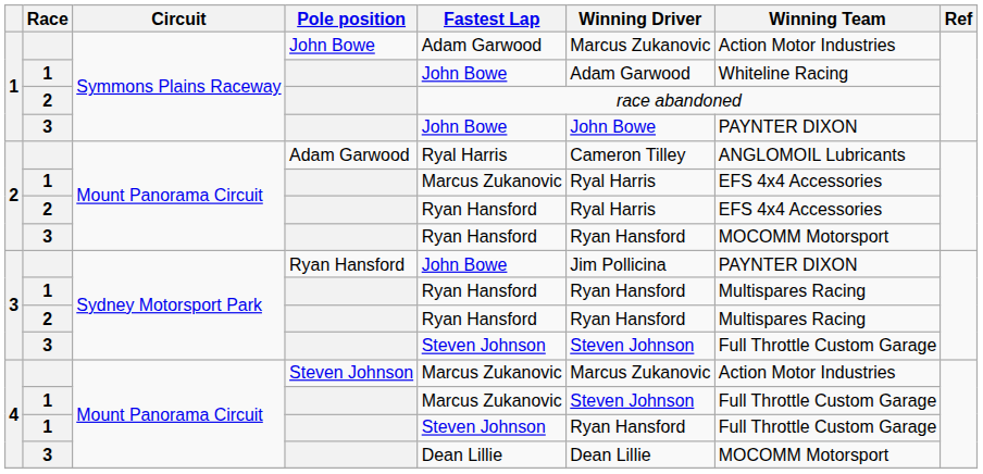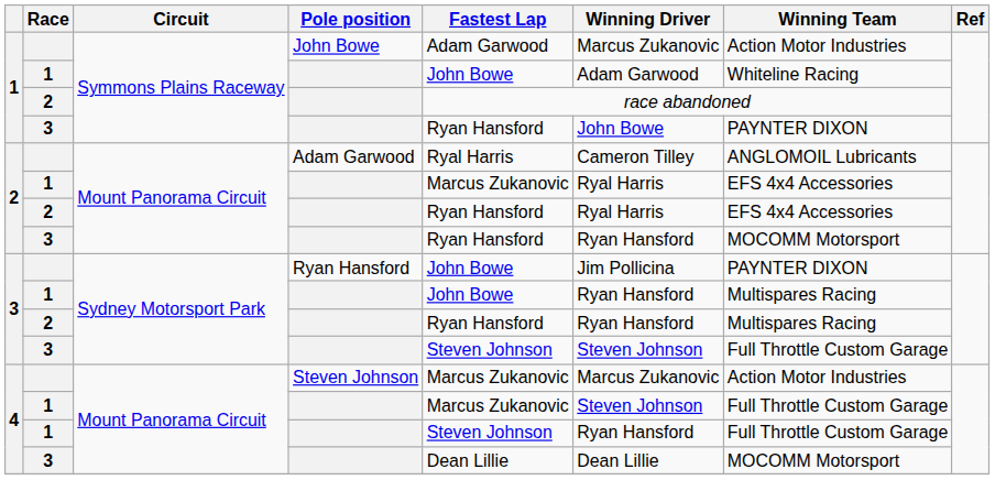 <table class="wikitable" style=font-size:85%;>
 <tr>
 <th></th>
 <th>Race</th>
 <th>Circuit</th>
 <th><a href='#'>Pole position</a></th>
 <th><a href='#'>Fastest Lap</a></th>
 <th>Winning Driver</th>
 <th>Winning Team</th>
 <th>Ref</th>
 </tr>
 <tr>
 <th rowspan=4 align=center>1</th>
 <th align=center></th>
 <td rowspan=4> <a href='#'>Symmons Plains Raceway</a></td>
 <td> <a href='#'>John Bowe</a></td>
 <td> Adam Garwood</td>
 <td> Marcus Zukanovic</td>
 <td>Action Motor Industries</td>
 <td rowspan=4 align=center></td>
 </tr>
 <tr>
 <th align=center>1</th>
 <th></th>
 <td> <a href='#'>John Bowe</a></td>
 <td> Adam Garwood</td>
 <td>Whiteline Racing</td>
 </tr>
 <tr>
 <th align=center>2</th>
 <th></th>
 <td colspan=3 align=center><em>race abandoned</em></td>
 </tr>
 <tr>
 <th align=center>3</th>
 <th></th>
-<td> <a href='#'>John Bowe</a></td>
+<td> Ryan Hansford</td>
 <td> <a href='#'>John Bowe</a></td>
 <td>PAYNTER DIXON</td>
 </tr>
 <tr>
 <th rowspan=4 align=center>2</th>
 <th align=center></th>
 <td rowspan=4> <a href='#'>Mount Panorama Circuit</a></td>
 <td> Adam Garwood</td>
 <td> Ryal Harris</td>
 <td> Cameron Tilley</td>
 <td>ANGLOMOIL Lubricants</td>
 <td rowspan=4 align=center></td>
 </tr>
 <tr>
 <th align=center>1</th>
 <th></th>
 <td> Marcus Zukanovic</td>
 <td> Ryal Harris</td>
 <td>EFS 4x4 Accessories</td>
 </tr>
 <tr>
 <th align=center>2</th>
 <th></th>
 <td> Ryan Hansford</td>
 <td> Ryal Harris</td>
 <td>EFS 4x4 Accessories</td>
 </tr>
 <tr>
 <th align=center>3</th>
 <th></th>
 <td> Ryan Hansford</td>
 <td> Ryan Hansford</td>
 <td>MOCOMM Motorsport</td>
 </tr>
 <tr>
 <th rowspan=4 align=center>3</th>
 <th align=center></th>
 <td rowspan=4> <a href='#'>Sydney Motorsport Park</a></td>
 <td> Ryan Hansford</td>
 <td> <a href='#'>John Bowe</a></td>
 <td> Jim Pollicina</td>
 <td>PAYNTER DIXON</td>
 <td rowspan=4 align=center></td>
 </tr>
 <tr>
 <th align=center>1</th>
 <th></th>
-<td> Ryan Hansford</td>
+<td> <a href='#'>John Bowe</a></td>
 <td> Ryan Hansford</td>
 <td>Multispares Racing</td>
 </tr>
 <tr>
 <th align=center>2</th>
 <th></th>
 <td> Ryan Hansford</td>
 <td> Ryan Hansford</td>
 <td>Multispares Racing</td>
 </tr>
 <tr>
 <th align=center>3</th>
 <th></th>
 <td> <a href='#'>Steven Johnson</a></td>
 <td> <a href='#'>Steven Johnson</a></td>
 <td>Full Throttle Custom Garage</td>
 </tr>
 <tr>
 <th rowspan=4 align=center>4</th>
 <th align=center></th>
 <td rowspan=4> <a href='#'>Mount Panorama Circuit</a></td>
 <td> <a href='#'>Steven Johnson</a></td>
 <td> Marcus Zukanovic</td>
 <td> Marcus Zukanovic</td>
 <td>Action Motor Industries</td>
 <td rowspan=4 align=center></td>
 </tr>
 <tr>
 <th align=center>1</th>
 <th></th>
 <td> Marcus Zukanovic</td>
 <td> <a href='#'>Steven Johnson</a></td>
 <td>Full Throttle Custom Garage</td>
 </tr>
 <tr>
 <th align=center>1</th>
 <th></th>
 <td> <a href='#'>Steven Johnson</a></td>
 <td> Ryan Hansford</td>
 <td>Full Throttle Custom Garage</td>
 </tr>
 <tr>
 <th align=center>3</th>
 <th></th>
 <td> Dean Lillie</td>
 <td> Dean Lillie</td>
 <td>MOCOMM Motorsport</td>
 </tr>
 <tr>
 </tr>
 </table>
